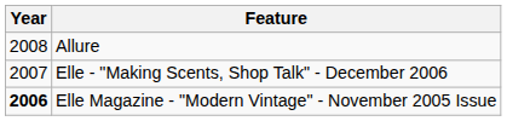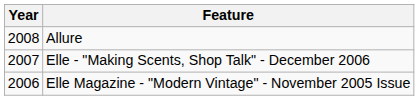 <table class="wikitable sortable">
 <tr>
 <th>Year</th>
 <th>Feature</th>
 </tr>
 <tr>
 <td>2008</td>
 <td>Allure</td>
 </tr>
 <tr>
 <td>2007</td>
 <td>Elle - "Making Scents, Shop Talk" - December 2006</td>
 </tr>
 <tr>
-<td><strong>2006</strong></td>
+<td>2006</td>
 <td>Elle Magazine - "Modern Vintage" - November 2005 Issue</td>
 </tr>
 </table>
